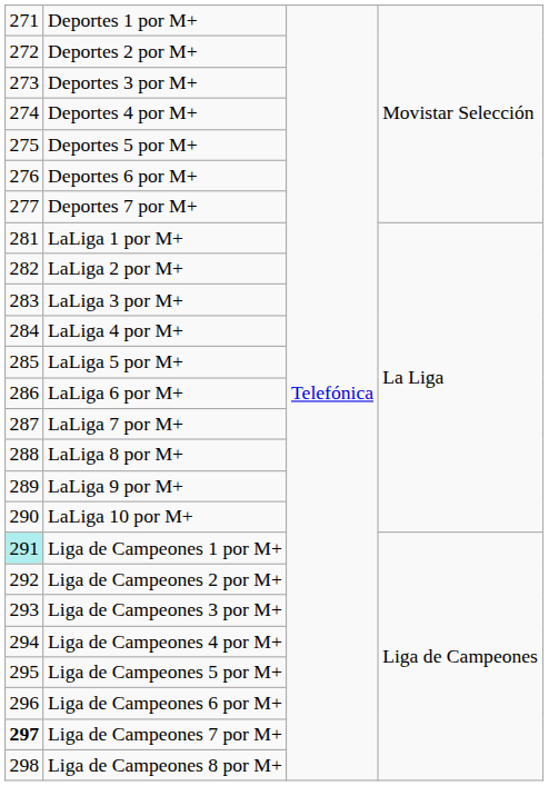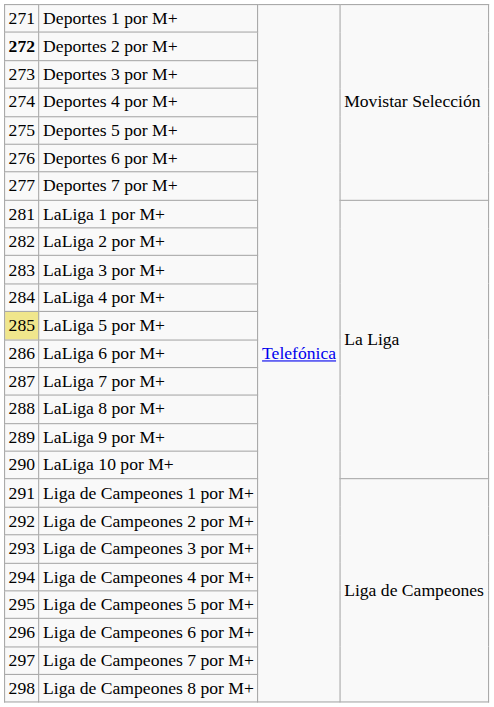 <table class="wikitable">
 <tr>
 <td>271</td>
 <td>Deportes 1 por M+</td>
 <td rowspan="25"><a href='#'>Telefónica</a></td>
 <td rowspan="7">Movistar Selección</td>
 </tr>
 <tr>
-<td>272</td>
+<td><strong>272</strong></td>
 <td>Deportes 2 por M+</td>
 </tr>
 <tr>
 <td>273</td>
 <td>Deportes 3 por M+</td>
 </tr>
 <tr>
 <td>274</td>
 <td>Deportes 4 por M+</td>
 </tr>
 <tr>
 <td>275</td>
 <td>Deportes 5 por M+</td>
 </tr>
 <tr>
 <td>276</td>
 <td>Deportes 6 por M+</td>
 </tr>
 <tr>
 <td>277</td>
 <td>Deportes 7 por M+</td>
 </tr>
 <tr>
 <td>281</td>
 <td>LaLiga 1 por M+</td>
 <td rowspan="10">La Liga</td>
 </tr>
 <tr>
 <td>282</td>
 <td>LaLiga 2 por M+</td>
 </tr>
 <tr>
 <td>283</td>
 <td>LaLiga 3 por M+</td>
 </tr>
 <tr>
 <td>284</td>
 <td>LaLiga 4 por M+</td>
 </tr>
 <tr>
-<td>285</td>
+<td style="background: khaki;">285</td>
 <td>LaLiga 5 por M+</td>
 </tr>
 <tr>
 <td>286</td>
 <td>LaLiga 6 por M+</td>
 </tr>
 <tr>
 <td>287</td>
 <td>LaLiga 7 por M+</td>
 </tr>
 <tr>
 <td>288</td>
 <td>LaLiga 8 por M+</td>
 </tr>
 <tr>
 <td>289</td>
 <td>LaLiga 9 por M+</td>
 </tr>
 <tr>
 <td>290</td>
 <td>LaLiga 10 por M+</td>
 </tr>
 <tr>
-<td style="background: paleturquoise;">291</td>
+<td>291</td>
 <td>Liga de Campeones 1 por M+</td>
 <td rowspan="8">Liga de Campeones</td>
 </tr>
 <tr>
 <td>292</td>
 <td>Liga de Campeones 2 por M+</td>
 </tr>
 <tr>
 <td>293</td>
 <td>Liga de Campeones 3 por M+</td>
 </tr>
 <tr>
 <td>294</td>
 <td>Liga de Campeones 4 por M+</td>
 </tr>
 <tr>
 <td>295</td>
 <td>Liga de Campeones 5 por M+</td>
 </tr>
 <tr>
 <td>296</td>
 <td>Liga de Campeones 6 por M+</td>
 </tr>
 <tr>
-<td><strong>297</strong></td>
+<td>297</td>
 <td>Liga de Campeones 7 por M+</td>
 </tr>
 <tr>
 <td>298</td>
 <td>Liga de Campeones 8 por M+</td>
 </tr>
 </table>
